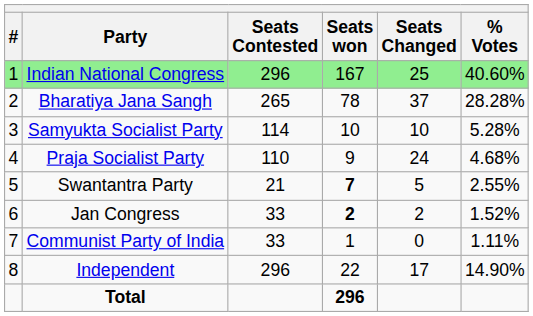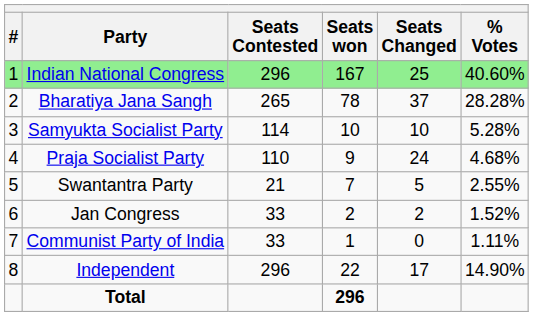 <table class="wikitable sortable" style="text-align:center;">
 <tr>
 <th colspan=10></th>
 </tr>
 <tr>
 <th>#</th>
 <th>Party</th>
 <th>Seats<br>Contested</th>
 <th>Seats<br>won</th>
 <th>Seats<br> Changed</th>
 <th>%<br>Votes</th>
 </tr>
 <tr style="background:#90EE90;">
 <td>1</td>
 <td><a href='#'>Indian National Congress</a></td>
 <td>296</td>
 <td>167</td>
 <td>25</td>
 <td>40.60%</td>
 </tr>
 <tr>
 <td>2</td>
 <td><a href='#'>Bharatiya Jana Sangh</a></td>
 <td>265</td>
 <td>78</td>
 <td>37</td>
 <td>28.28%</td>
 </tr>
 <tr>
 <td>3</td>
 <td><a href='#'>Samyukta Socialist Party</a></td>
 <td>114</td>
 <td>10</td>
 <td>10</td>
 <td>5.28%</td>
 </tr>
 <tr>
 <td>4</td>
 <td><a href='#'>Praja Socialist Party</a></td>
 <td>110</td>
 <td>9</td>
 <td>24</td>
 <td>4.68%</td>
 </tr>
 <tr>
 <td>5</td>
 <td>Swantantra Party</td>
 <td>21</td>
-<td><strong>7</strong></td>
+<td>7</td>
 <td>5</td>
 <td>2.55%</td>
 </tr>
 <tr>
 <td>6</td>
 <td>Jan Congress</td>
 <td>33</td>
-<td><strong>2</strong></td>
+<td>2</td>
 <td>2</td>
 <td>1.52%</td>
 </tr>
 <tr>
 <td>7</td>
 <td><a href='#'>Communist Party of India</a></td>
 <td>33</td>
 <td>1</td>
 <td>0</td>
 <td>1.11%</td>
 </tr>
 <tr>
 <td>8</td>
 <td><a href='#'>Independent</a></td>
 <td>296</td>
 <td>22</td>
 <td>17</td>
 <td>14.90%</td>
 </tr>
 <tr>
 <td></td>
 <td><strong>Total</strong></td>
 <td></td>
 <td><strong>296</strong></td>
 <td></td>
 <td></td>
 </tr>
 </table>
